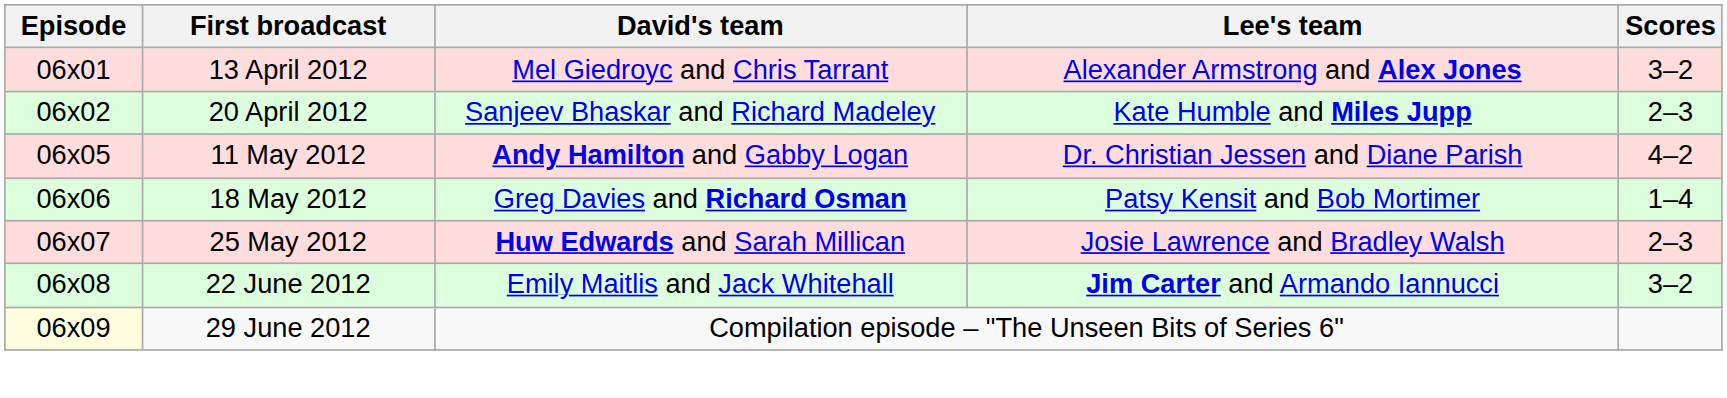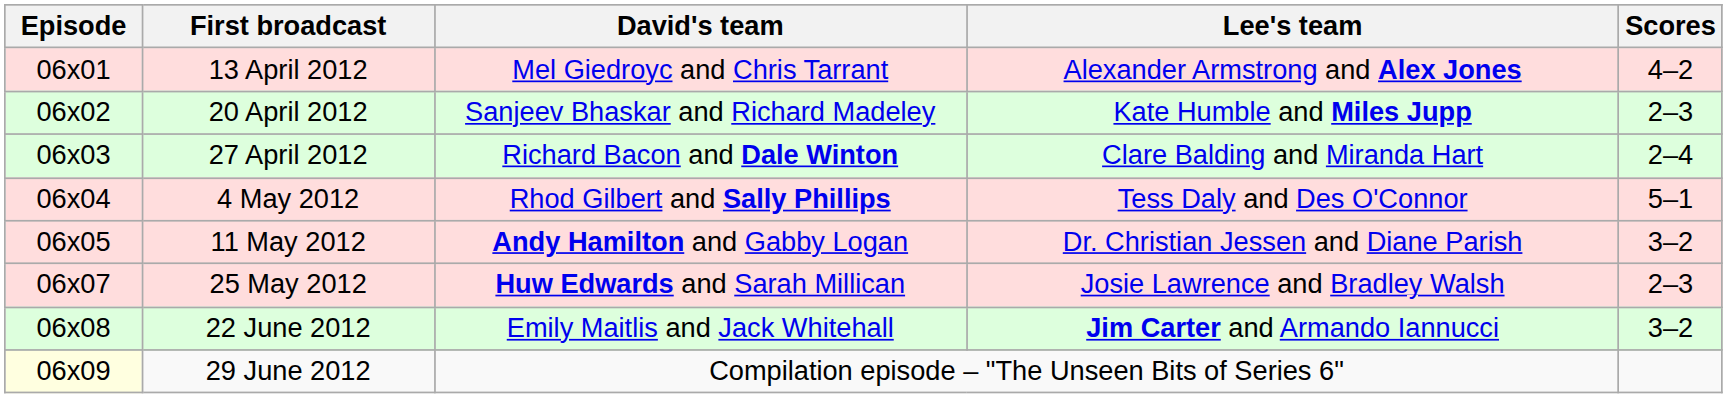 <table class="wikitable"  style="width:80%; left:0 auto; text-align:center;">
 <tr>
 <th style="width:8%;">Episode</th>
 <th style="width:17%;">First broadcast</th>
 <th style="width:31%;">David's team</th>
 <th style="width:38%;">Lee's team</th>
 <th style="width:6%;">Scores</th>
 </tr>
 <tr style="background:#fdd;">
 <td>06x01</td>
 <td>13 April 2012</td>
 <td><a href='#'>Mel Giedroyc</a> and <a href='#'>Chris Tarrant</a></td>
 <td><a href='#'>Alexander Armstrong</a> and <strong><a href='#'>Alex Jones</a></strong></td>
-<td>3–2</td>
+<td>4–2</td>
 </tr>
 <tr style="background:#dfd;">
 <td>06x02</td>
 <td>20 April 2012</td>
 <td><a href='#'>Sanjeev Bhaskar</a> and <a href='#'>Richard Madeley</a></td>
 <td><a href='#'>Kate Humble</a> and <strong><a href='#'>Miles Jupp</a></strong></td>
 <td>2–3</td>
 </tr>
+<tr style="background:#dfd;">
+<td>06x03</td>
+<td>27 April 2012</td>
+<td><a href='#'>Richard Bacon</a> and <strong><a href='#'>Dale Winton</a></strong></td>
+<td><a href='#'>Clare Balding</a> and <a href='#'>Miranda Hart</a></td>
+<td>2–4</td>
+</tr>
+<tr style="background:#fdd;">
+<td>06x04</td>
+<td>4 May 2012</td>
+<td><a href='#'>Rhod Gilbert</a> and <strong><a href='#'>Sally Phillips</a></strong></td>
+<td><a href='#'>Tess Daly</a> and <a href='#'>Des O'Connor</a></td>
+<td>5–1</td>
+</tr>
 <tr style="background:#fdd;">
 <td>06x05</td>
 <td>11 May 2012</td>
 <td><strong><a href='#'>Andy Hamilton</a></strong> and <a href='#'>Gabby Logan</a></td>
 <td><a href='#'>Dr. Christian Jessen</a> and <a href='#'>Diane Parish</a></td>
-<td>4–2</td>
-</tr>
-<tr style="background:#dfd;">
-<td>06x06</td>
-<td>18 May 2012</td>
-<td><a href='#'>Greg Davies</a> and <strong><a href='#'>Richard Osman</a></strong></td>
-<td><a href='#'>Patsy Kensit</a> and <a href='#'>Bob Mortimer</a></td>
-<td>1–4</td>
+<td>3–2</td>
 </tr>
 <tr style="background:#fdd;">
 <td>06x07</td>
 <td>25 May 2012</td>
 <td><strong><a href='#'>Huw Edwards</a></strong> and <a href='#'>Sarah Millican</a></td>
 <td><a href='#'>Josie Lawrence</a> and <a href='#'>Bradley Walsh</a></td>
 <td>2–3</td>
 </tr>
 <tr style="background:#dfd;">
 <td>06x08</td>
 <td>22 June 2012</td>
 <td><a href='#'>Emily Maitlis</a> and <a href='#'>Jack Whitehall</a></td>
 <td><strong><a href='#'>Jim Carter</a></strong> and <a href='#'>Armando Iannucci</a></td>
 <td>3–2</td>
 </tr>
 <tr>
 <td style="background: lightyellow;">06x09</td>
 <td>29 June 2012</td>
 <td colspan="2">Compilation episode – "The Unseen Bits of Series 6"</td>
 <td></td>
 </tr>
 </table>
